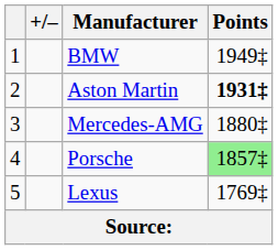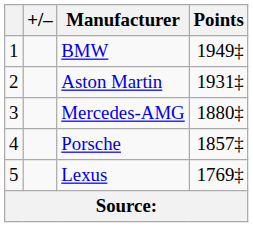 <table class="wikitable" style="font-size: 95%;">
 <tr>
 <th scope="col"></th>
 <th scope="col">+/–</th>
 <th scope="col">Manufacturer</th>
 <th scope="col">Points</th>
 </tr>
 <tr>
 <td align=center>1</td>
 <td align="left"></td>
 <td> <a href='#'>BMW</a></td>
 <td align=right>1949‡</td>
 </tr>
 <tr>
 <td align=center>2</td>
 <td align="left"></td>
 <td> <a href='#'>Aston Martin</a></td>
-<td align=right><strong>1931‡</strong></td>
+<td align=right>1931‡</td>
 </tr>
 <tr>
 <td align=center>3</td>
 <td align="left"></td>
 <td> <a href='#'>Mercedes-AMG</a></td>
 <td align=right>1880‡</td>
 </tr>
 <tr>
 <td align=center>4</td>
 <td align="left"></td>
 <td> <a href='#'>Porsche</a></td>
-<td align=right style="background: lightgreen;">1857‡</td>
+<td align=right>1857‡</td>
 </tr>
 <tr>
 <td align=center>5</td>
 <td align="left"></td>
 <td> <a href='#'>Lexus</a></td>
 <td align=right>1769‡</td>
 </tr>
 <tr>
 <th colspan=5>Source:</th>
 </tr>
 </table>
